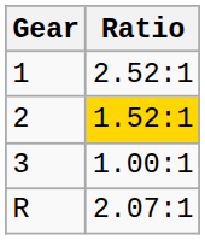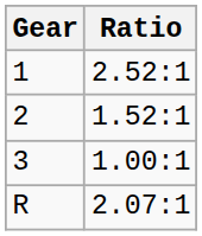 <table class=wikitable>
 <tr>
 <th>Gear</th>
 <th>Ratio</th>
 </tr>
 <tr>
 <td>1</td>
 <td>2.52:1</td>
 </tr>
 <tr>
 <td>2</td>
-<td style="background: gold;">1.52:1</td>
+<td>1.52:1</td>
 </tr>
 <tr>
 <td>3</td>
 <td>1.00:1</td>
 </tr>
 <tr>
 <td>R</td>
 <td>2.07:1</td>
 </tr>
 </table>
